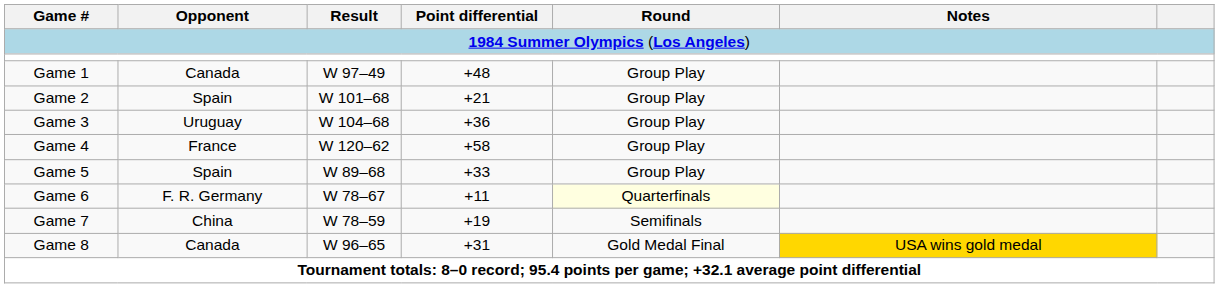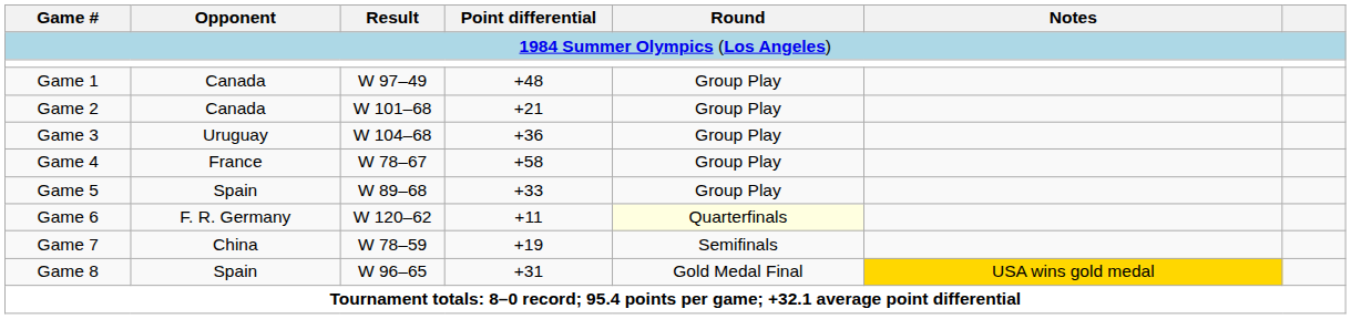 <table class="wikitable">
 <tr>
 <th width=6%>Game #</th>
 <th width=10%>Opponent</th>
 <th width=05%>Result</th>
 <th width=8%>Point differential</th>
 <th width=12%>Round</th>
 <th width=20%>Notes</th>
 <th width=3%></th>
 </tr>
 <tr>
 <td colspan="7"  style="text-align:center; background:lightblue;"><span><strong><a href='#'>1984 Summer Olympics</a></strong> (<strong><a href='#'>Los Angeles</a></strong>)</span></td>
 </tr>
 <tr>
 <td colspan="7"  style="text-align:center; background:white;"></td>
 </tr>
 <tr>
 <td align=center>Game 1</td>
 <td align=center>Canada</td>
 <td align=center>W 97–49</td>
 <td align=center>+48</td>
 <td align=center>Group Play</td>
 <td align=center></td>
 <td align=center></td>
 </tr>
 <tr>
 <td align=center>Game 2</td>
-<td align=center>Spain</td>
+<td align=center>Canada</td>
 <td align=center>W 101–68</td>
 <td align=center>+21</td>
 <td align=center>Group Play</td>
 <td align=center></td>
 <td align=center></td>
 </tr>
 <tr>
 <td align=center>Game 3</td>
 <td align=center>Uruguay</td>
 <td align=center>W 104–68</td>
 <td align=center>+36</td>
 <td align=center>Group Play</td>
 <td align=center></td>
 <td align=center></td>
 </tr>
 <tr>
 <td align=center>Game 4</td>
 <td align=center>France</td>
-<td align=center>W 120–62</td>
+<td align=center>W 78–67</td>
 <td align=center>+58</td>
 <td align=center>Group Play</td>
 <td align=center></td>
 <td align=center></td>
 </tr>
 <tr>
 <td align=center>Game 5</td>
 <td align=center>Spain</td>
 <td align=center>W 89–68</td>
 <td align=center>+33</td>
 <td align=center>Group Play</td>
 <td align=center></td>
 <td align=center></td>
 </tr>
 <tr>
 <td align=center>Game 6</td>
 <td align=center>F. R. Germany</td>
-<td align=center>W 78–67</td>
+<td align=center>W 120–62</td>
 <td align=center>+11</td>
 <td align=center style="background: lightyellow;">Quarterfinals</td>
 <td align=center></td>
 <td align=center></td>
 </tr>
 <tr>
 <td align=center>Game 7</td>
 <td align=center>China</td>
 <td align=center>W 78–59</td>
 <td align=center>+19</td>
 <td align=center>Semifinals</td>
 <td align=center></td>
 <td align=center></td>
 </tr>
 <tr>
 <td align=center>Game 8</td>
-<td align=center>Canada</td>
+<td align=center>Spain</td>
 <td align=center>W 96–65</td>
 <td align=center>+31</td>
 <td align=center>Gold Medal Final</td>
 <td style="text-align:center; background:gold;">USA wins gold medal </td>
 <td align=center></td>
 </tr>
 <tr>
 <td colspan="7"  style="text-align:center; background:white;"><span><strong>Tournament totals: 8–0 record; 95.4 points per game; +32.1 average point differential</strong></span></td>
 </tr>
 </table>
